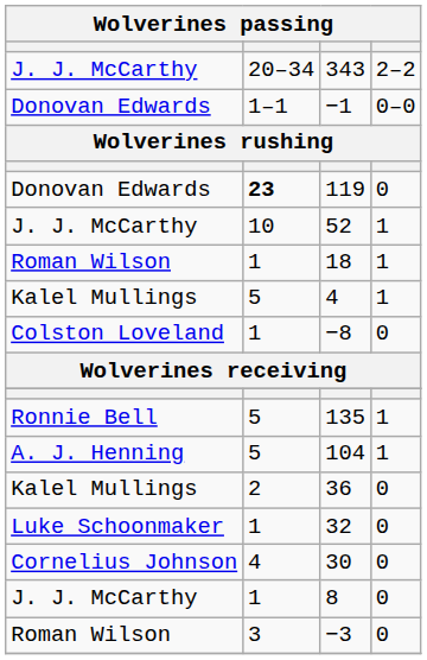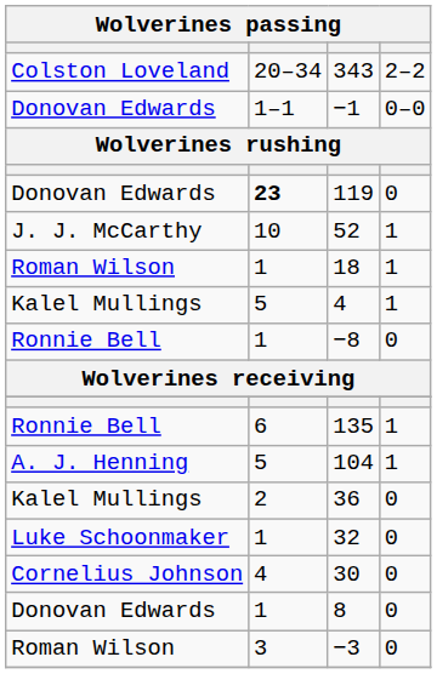 <table class="wikitable plainrowheaders">
 <tr>
 <th colspan="6">Wolverines passing</th>
 </tr>
 <tr>
 <th scope="col"></th>
 <th scope="col"></th>
 <th scope="col"></th>
 <th scope="col"></th>
 </tr>
 <tr>
-<td><a href='#'>J. J. McCarthy</a></td>
+<td><a href='#'>Colston Loveland</a></td>
 <td>20–34</td>
 <td>343</td>
 <td>2–2</td>
 </tr>
 <tr>
 <td><a href='#'>Donovan Edwards</a></td>
 <td>1–1</td>
 <td>−1</td>
 <td>0–0</td>
 </tr>
 <tr>
 <th colspan="6">Wolverines rushing</th>
 </tr>
 <tr>
 <th scope="col"></th>
 <th scope="col"></th>
 <th scope="col"></th>
 <th scope="col"></th>
 </tr>
 <tr>
 <td>Donovan Edwards</td>
 <td><strong>23</strong></td>
 <td>119</td>
 <td>0</td>
 </tr>
 <tr>
 <td>J. J. McCarthy</td>
 <td>10</td>
 <td>52</td>
 <td>1</td>
 </tr>
 <tr>
 <td><a href='#'>Roman Wilson</a></td>
 <td>1</td>
 <td>18</td>
 <td>1</td>
 </tr>
 <tr>
 <td>Kalel Mullings</td>
 <td>5</td>
 <td>4</td>
 <td>1</td>
 </tr>
 <tr>
-<td><a href='#'>Colston Loveland</a></td>
+<td><a href='#'>Ronnie Bell</a></td>
 <td>1</td>
 <td>−8</td>
 <td>0</td>
 </tr>
 <tr>
 <th colspan="6">Wolverines receiving</th>
 </tr>
 <tr>
 </tr>
 <tr>
 <th scope="col"></th>
 <th scope="col"></th>
 <th scope="col"></th>
 <th scope="col"></th>
 </tr>
 <tr>
 <td><a href='#'>Ronnie Bell</a></td>
-<td>5</td>
+<td>6</td>
 <td>135</td>
 <td>1</td>
 </tr>
 <tr>
 <td><a href='#'>A. J. Henning</a></td>
 <td>5</td>
 <td>104</td>
 <td>1</td>
 </tr>
 <tr>
 <td>Kalel Mullings</td>
 <td>2</td>
 <td>36</td>
 <td>0</td>
 </tr>
 <tr>
 <td><a href='#'>Luke Schoonmaker</a></td>
 <td>1</td>
 <td>32</td>
 <td>0</td>
 </tr>
 <tr>
 <td><a href='#'>Cornelius Johnson</a></td>
 <td>4</td>
 <td>30</td>
 <td>0</td>
 </tr>
 <tr>
-<td>J. J. McCarthy</td>
+<td>Donovan Edwards</td>
 <td>1</td>
 <td>8</td>
 <td>0</td>
 </tr>
 <tr>
 <td>Roman Wilson</td>
 <td>3</td>
 <td>−3</td>
 <td>0</td>
 </tr>
 <tr>
 </tr>
 </table>
